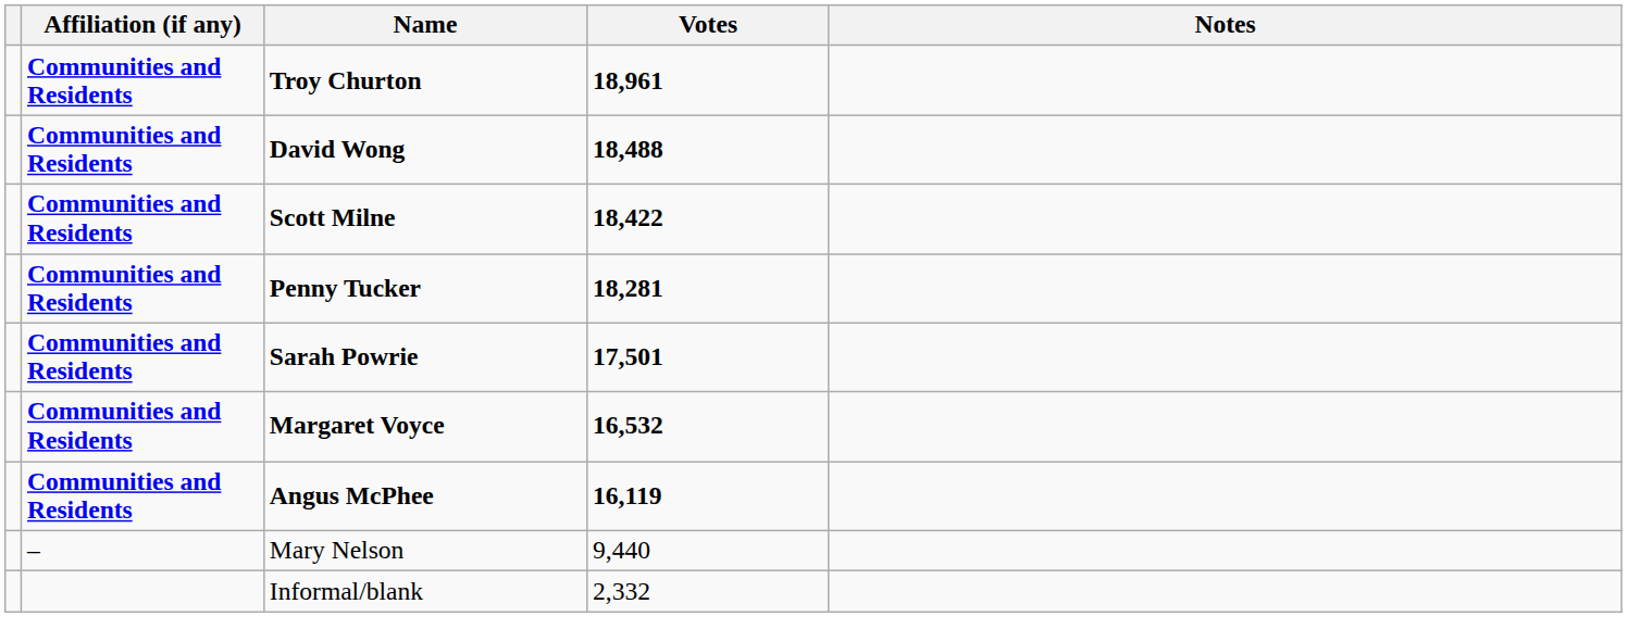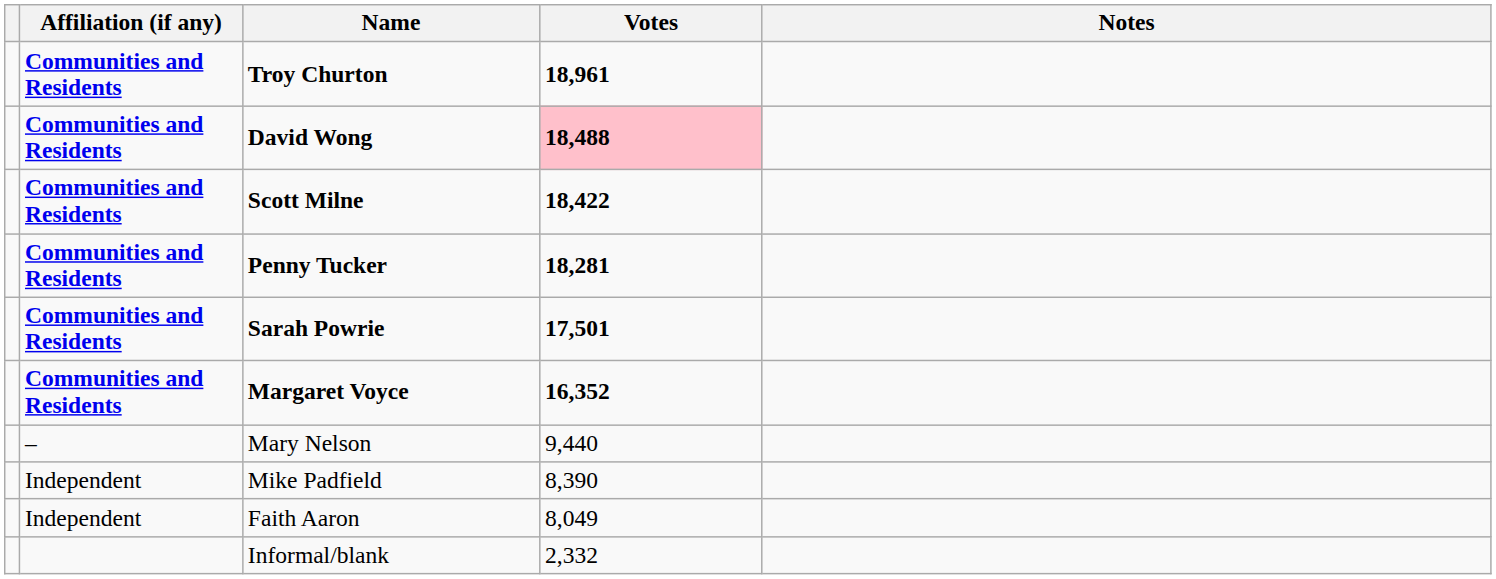 <table class="wikitable" style="width:51%;">
 <tr>
 <th style="width:1%;"></th>
 <th style="width:15%;">Affiliation (if any)</th>
 <th style="width:20%;">Name</th>
 <th style="width:15%;">Votes</th>
 <th>Notes</th>
 </tr>
 <tr>
 <td bgcolor=></td>
 <td><strong><a href='#'>Communities and Residents</a> </strong></td>
 <td><strong>Troy Churton</strong></td>
 <td><strong>18,961</strong></td>
 <td></td>
 </tr>
 <tr>
 <td></td>
 <td><strong><a href='#'>Communities and Residents</a> </strong></td>
 <td><strong>David Wong</strong></td>
-<td><strong>18,488</strong></td>
+<td style="background: pink;"><strong>18,488</strong></td>
 <td></td>
 </tr>
 <tr>
 <td></td>
 <td><strong><a href='#'>Communities and Residents</a> </strong></td>
 <td><strong>Scott Milne</strong></td>
 <td><strong>18,422</strong></td>
 <td></td>
 </tr>
 <tr>
 <td bgcolor=></td>
 <td><strong><a href='#'>Communities and Residents</a> </strong></td>
 <td><strong>Penny Tucker</strong></td>
 <td><strong>18,281</strong></td>
 <td></td>
 </tr>
 <tr>
 <td bgcolor=></td>
 <td><strong><a href='#'>Communities and Residents</a> </strong></td>
 <td><strong>Sarah Powrie</strong></td>
 <td><strong>17,501</strong></td>
 <td></td>
 </tr>
 <tr>
 <td bgcolor=></td>
 <td><strong><a href='#'>Communities and Residents</a> </strong></td>
 <td><strong>Margaret Voyce</strong></td>
-<td><strong>16,532</strong></td>
-<td></td>
-</tr>
-<tr>
-<td bgcolor=></td>
-<td><strong><a href='#'>Communities and Residents</a> </strong></td>
-<td><strong>Angus McPhee</strong></td>
-<td><strong>16,119</strong></td>
+<td><strong>16,352</strong></td>
 <td></td>
 </tr>
 <tr>
 <td bgcolor=></td>
 <td>–</td>
 <td>Mary Nelson</td>
 <td>9,440</td>
 <td></td>
 </tr>
 <tr>
+<td bgcolor=></td>
+<td>Independent</td>
+<td>Mike Padfield</td>
+<td>8,390</td>
+<td></td>
+</tr>
+<tr>
+<td bgcolor=></td>
+<td>Independent</td>
+<td>Faith Aaron</td>
+<td>8,049</td>
+<td></td>
+</tr>
+<tr>
 <td></td>
 <td></td>
 <td>Informal/blank</td>
 <td>2,332</td>
 <td></td>
 </tr>
 </table>
